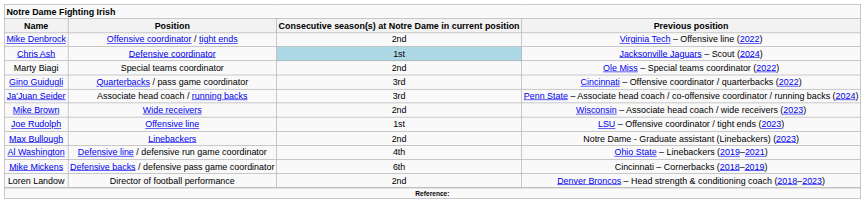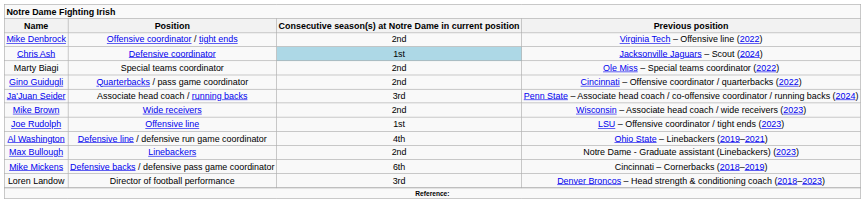 <table class="wikitable" style="font-size:90%;">
 <tr>
 <td colspan=4><strong>Notre Dame Fighting Irish</strong></td>
 </tr>
 <tr align="center";>
 <th>Name</th>
 <th>Position</th>
 <th>Consecutive season(s) at Notre Dame in current position</th>
 <th>Previous position</th>
 </tr>
 <tr align="center";>
 <td><a href='#'>Mike Denbrock</a></td>
 <td><a href='#'>Offensive coordinator</a> / <a href='#'>tight ends</a></td>
 <td>2nd</td>
 <td><a href='#'>Virginia Tech</a> – Offensive line (<a href='#'>2022</a>)</td>
 </tr>
 <tr align="center";>
 <td><a href='#'>Chris Ash</a></td>
 <td><a href='#'>Defensive coordinator</a></td>
 <td style="background: lightblue;">1st</td>
 <td><a href='#'>Jacksonville Jaguars</a> – Scout (<a href='#'>2024</a>)</td>
 </tr>
 <tr align="center";>
 <td>Marty Biagi</td>
 <td>Special teams coordinator</td>
 <td>2nd</td>
 <td><a href='#'>Ole Miss</a> – Special teams coordinator (<a href='#'>2022</a>)</td>
 </tr>
 <tr align="center";>
 <td><a href='#'>Gino Guidugli</a></td>
 <td><a href='#'>Quarterbacks</a> / pass game coordinator</td>
-<td>3rd</td>
+<td>2nd</td>
 <td><a href='#'>Cincinnati</a> – Offensive coordinator / quarterbacks (<a href='#'>2022</a>)</td>
 </tr>
 <tr align="center" ;>
 <td><a href='#'>Ja'Juan Seider</a></td>
 <td>Associate head coach / <a href='#'>running backs</a></td>
 <td>3rd</td>
 <td><a href='#'>Penn State</a> – Associate head coach / co-offensive coordinator / running backs (<a href='#'>2024</a>)</td>
 </tr>
 <tr align="center" ;>
 <td><a href='#'>Mike Brown</a></td>
 <td><a href='#'>Wide receivers</a></td>
 <td>2nd</td>
 <td><a href='#'>Wisconsin</a> – Associate head coach / wide receivers (<a href='#'>2023</a>)</td>
 </tr>
 <tr align="center" ;>
 <td><a href='#'>Joe Rudolph</a></td>
 <td><a href='#'>Offensive line</a></td>
 <td>1st</td>
 <td><a href='#'>LSU</a> – Offensive coordinator / tight ends (<a href='#'>2023</a>)</td>
 </tr>
 <tr align="center" ;>
+<td><a href='#'>Al Washington</a></td>
+<td><a href='#'>Defensive line</a> / defensive run game coordinator</td>
+<td>4th</td>
+<td><a href='#'>Ohio State</a> – Linebackers (<a href='#'>2019</a>–<a href='#'>2021</a>)</td>
+</tr>
+<tr align="center" ;>
 <td><a href='#'>Max Bullough</a></td>
 <td><a href='#'>Linebackers</a></td>
 <td>2nd</td>
 <td>Notre Dame - Graduate assistant (Linebackers) (<a href='#'>2023</a>)</td>
-</tr>
-<tr align="center" ;>
-<td><a href='#'>Al Washington</a></td>
-<td><a href='#'>Defensive line</a> / defensive run game coordinator</td>
-<td>4th</td>
-<td><a href='#'>Ohio State</a> – Linebackers (<a href='#'>2019</a>–<a href='#'>2021</a>)</td>
 </tr>
 <tr align="center" ;>
 <td><a href='#'>Mike Mickens</a></td>
 <td><a href='#'>Defensive backs</a> / defensive pass game coordinator</td>
 <td>6th</td>
 <td>Cincinnati – Cornerbacks (<a href='#'>2018</a>–<a href='#'>2019</a>)</td>
 </tr>
 <tr align="center";>
 <td>Loren Landow</td>
 <td>Director of football performance</td>
-<td>2nd</td>
+<td>3rd</td>
 <td><a href='#'>Denver Broncos</a> – Head strength & conditioning coach (<a href='#'>2018</a>–<a href='#'>2023</a>)</td>
 </tr>
 <tr align="center" ;>
 </tr>
 <tr>
 <td colspan="4"  style="font-size:8pt; text-align:center;"><strong>Reference:</strong></td>
 </tr>
 </table>
